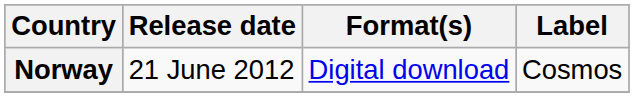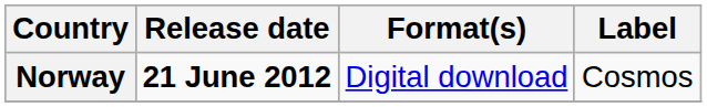 <table class="wikitable plainrowheaders">
 <tr>
 <th scope="col">Country</th>
 <th scope="col">Release date</th>
 <th scope="col">Format(s)</th>
 <th scope="col">Label</th>
 </tr>
 <tr>
 <th scope="row">Norway</th>
-<td>21 June 2012</td>
+<td><strong>21 June 2012</strong></td>
 <td><a href='#'>Digital download</a></td>
 <td>Cosmos</td>
 </tr>
 <tr>
 </tr>
 </table>
